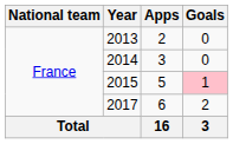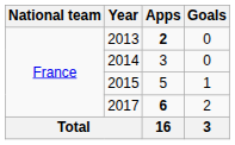 <table class="wikitable" style="text-align: center;">
 <tr>
 <th>National team</th>
 <th>Year</th>
 <th>Apps</th>
 <th>Goals</th>
 </tr>
 <tr>
 <td rowspan="4"><a href='#'>France</a></td>
 <td>2013</td>
-<td>2</td>
+<td><strong>2</strong></td>
 <td>0</td>
 </tr>
 <tr>
 <td>2014</td>
 <td>3</td>
 <td>0</td>
 </tr>
 <tr>
 <td>2015</td>
 <td>5</td>
-<td style="background: pink;">1</td>
+<td>1</td>
 </tr>
 <tr>
 <td>2017</td>
-<td>6</td>
+<td><strong>6</strong></td>
 <td>2</td>
 </tr>
 <tr>
 <th colspan="2">Total</th>
 <th>16</th>
 <th>3</th>
 </tr>
 </table>
